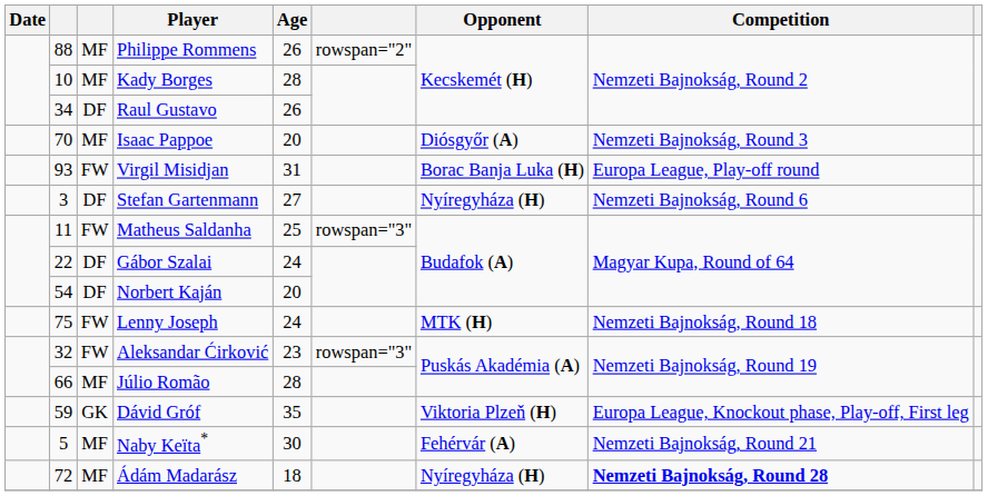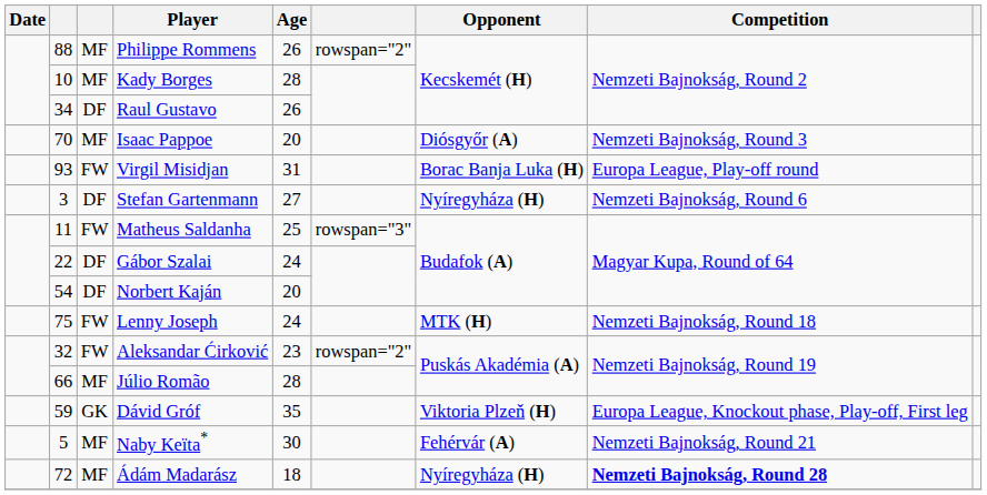 <table class="wikitable sortable" style="text-align:center; font-size:95%;">
 <tr>
 <th>Date</th>
 <th></th>
 <th></th>
 <th>Player</th>
 <th>Age</th>
 <th></th>
 <th>Opponent</th>
 <th>Competition</th>
 <th class="unsortable"></th>
 </tr>
 <tr>
 <td data-sort-value="1" rowspan="3"></td>
 <td>88</td>
 <td>MF</td>
 <td style="text-align:left;"> <a href='#'>Philippe Rommens</a></td>
 <td>26</td>
 <td>rowspan="2" </td>
 <td rowspan="3" style="text-align:left;"><a href='#'>Kecskemét</a> (<strong>H</strong>)</td>
 <td rowspan="3" style="text-align:left;"><a href='#'>Nemzeti Bajnokság, Round 2</a></td>
 <td rowspan="3"></td>
 </tr>
 <tr>
 <td>10</td>
 <td>MF</td>
 <td style="text-align:left;"> <a href='#'>Kady Borges</a></td>
 <td>28</td>
 </tr>
 <tr>
 <td>34</td>
 <td>DF</td>
 <td style="text-align:left;"> <a href='#'>Raul Gustavo</a></td>
 <td>26</td>
 </tr>
 <tr>
 <td data-sort-value="2"></td>
 <td>70</td>
 <td>MF</td>
 <td style="text-align:left;"> <a href='#'>Isaac Pappoe</a></td>
 <td>20</td>
 <td></td>
 <td style="text-align:left;"><a href='#'>Diósgyőr</a> (<strong>A</strong>)</td>
 <td style="text-align:left;"><a href='#'>Nemzeti Bajnokság, Round 3</a></td>
 <td></td>
 </tr>
 <tr>
 <td data-sort-value="3"></td>
 <td>93</td>
 <td>FW</td>
 <td style="text-align:left;"> <a href='#'>Virgil Misidjan</a></td>
 <td>31</td>
 <td></td>
 <td style="text-align:left;"><a href='#'>Borac Banja Luka</a> (<strong>H</strong>)</td>
 <td style="text-align:left;"><a href='#'>Europa League, Play-off round</a></td>
 <td></td>
 </tr>
 <tr>
 <td data-sort-value="4"></td>
 <td>3</td>
 <td>DF</td>
 <td style="text-align:left;"> <a href='#'>Stefan Gartenmann</a></td>
 <td>27</td>
 <td></td>
 <td style="text-align:left;"><a href='#'>Nyíregyháza</a> (<strong>H</strong>)</td>
 <td style="text-align:left;"><a href='#'>Nemzeti Bajnokság, Round 6</a></td>
 <td></td>
 </tr>
 <tr>
 <td data-sort-value="5" rowspan="3"></td>
 <td>11</td>
 <td>FW</td>
 <td style="text-align:left;"> <a href='#'>Matheus Saldanha</a></td>
 <td>25</td>
 <td>rowspan="3" </td>
 <td rowspan="3" style="text-align:left;"><a href='#'>Budafok</a> (<strong>A</strong>)</td>
 <td rowspan="3" style="text-align:left;"><a href='#'>Magyar Kupa, Round of 64</a></td>
 <td rowspan="3"></td>
 </tr>
 <tr>
 <td>22</td>
 <td>DF</td>
 <td style="text-align:left;"> <a href='#'>Gábor Szalai</a></td>
 <td>24</td>
 </tr>
 <tr>
 <td>54</td>
 <td>DF</td>
 <td style="text-align:left;"> <a href='#'>Norbert Kaján</a></td>
 <td>20</td>
 </tr>
 <tr>
 <td data-sort-value="6"></td>
 <td>75</td>
 <td>FW</td>
 <td style="text-align:left;"> <a href='#'>Lenny Joseph</a></td>
 <td>24</td>
 <td></td>
 <td style="text-align:left;"><a href='#'>MTK</a> (<strong>H</strong>)</td>
 <td style="text-align:left;"><a href='#'>Nemzeti Bajnokság, Round 18</a></td>
 <td></td>
 </tr>
 <tr>
 <td data-sort-value="7" rowspan="2"></td>
 <td>32</td>
 <td>FW</td>
 <td style="text-align:left;"> <a href='#'>Aleksandar Ćirković</a></td>
 <td>23</td>
-<td>rowspan="3" </td>
+<td>rowspan="2" </td>
 <td rowspan="2" style="text-align:left;"><a href='#'>Puskás Akadémia</a> (<strong>A</strong>)</td>
 <td rowspan="2" style="text-align:left;"><a href='#'>Nemzeti Bajnokság, Round 19</a></td>
 <td rowspan="2"></td>
 </tr>
 <tr>
 <td>66</td>
 <td>MF</td>
 <td style="text-align:left;"> <a href='#'>Júlio Romão</a></td>
 <td>28</td>
 </tr>
 <tr>
 <td data-sort-value="8"></td>
 <td>59</td>
 <td>GK</td>
 <td style="text-align:left;"> <a href='#'>Dávid Gróf</a></td>
 <td>35</td>
 <td></td>
 <td style="text-align:left;"><a href='#'>Viktoria Plzeň</a> (<strong>H</strong>)</td>
 <td style="text-align:left;"><a href='#'>Europa League, Knockout phase, Play-off, First leg</a></td>
 <td></td>
 </tr>
 <tr>
 <td data-sort-value="9"></td>
 <td>5</td>
 <td>MF</td>
 <td style="text-align:left;"> <a href='#'>Naby Keïta</a><sup>*</sup></td>
 <td>30</td>
 <td></td>
 <td style="text-align:left;"><a href='#'>Fehérvár</a> (<strong>A</strong>)</td>
 <td style="text-align:left;"><a href='#'>Nemzeti Bajnokság, Round 21</a></td>
 <td></td>
 </tr>
 <tr>
 <td data-sort-value="10"></td>
 <td>72</td>
 <td>MF</td>
 <td style="text-align:left;"> <a href='#'>Ádám Madarász</a></td>
 <td>18</td>
 <td></td>
 <td style="text-align:left;"><a href='#'>Nyíregyháza</a> (<strong>H</strong>)</td>
 <td style="text-align:left;"><strong><a href='#'>Nemzeti Bajnokság, Round 28</a></strong></td>
 <td></td>
 </tr>
 <tr>
 </tr>
 </table>
